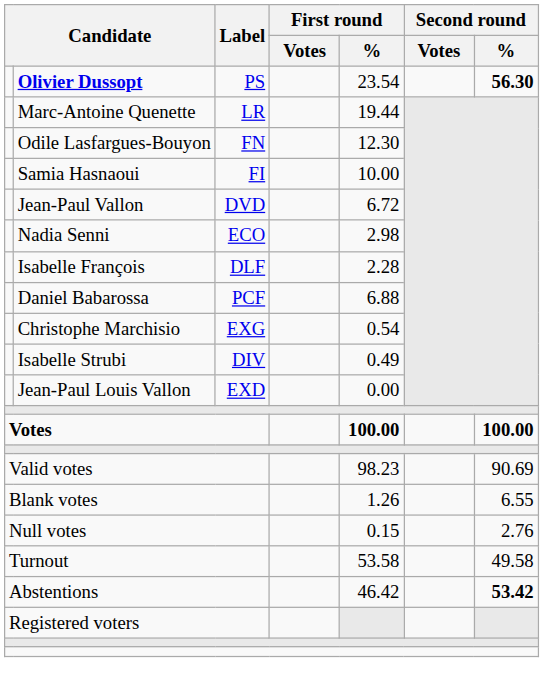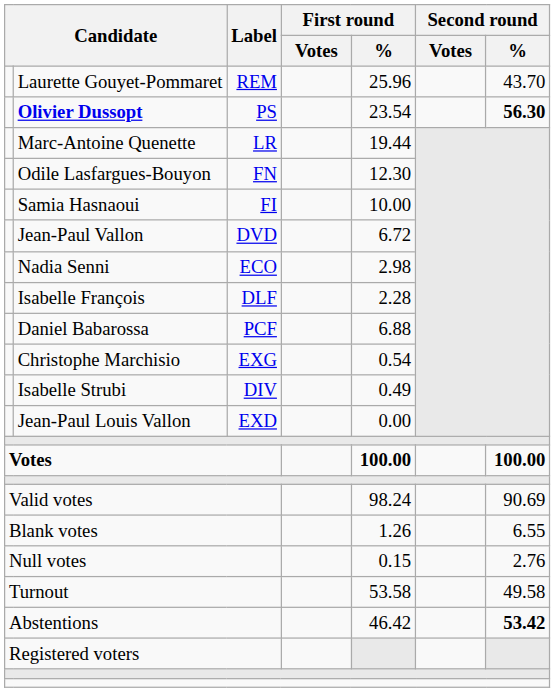 <table class="wikitable" style="text-align:right;font-size:95%;">
 <tr>
 <th rowspan="2" colspan="2">Candidate</th>
 <th rowspan="2">Label</th>
 <th colspan="2">First round</th>
 <th colspan="2">Second round</th>
 </tr>
 <tr>
 <th style="width:50px;">Votes</th>
 <th style="width:45px;">%</th>
 <th style="width:50px;">Votes</th>
 <th style="width:45px;">%</th>
+</tr>
+<tr>
+<td style="color:inherit;background:"></td>
+<td style="text-align:left;">Laurette Gouyet-Pommaret</td>
+<td><a href='#'>REM</a></td>
+<td></td>
+<td>25.96</td>
+<td></td>
+<td>43.70</td>
 </tr>
 <tr>
 <td style="color:inherit;background:"></td>
 <td style="text-align:left;"><strong><a href='#'>Olivier Dussopt</a></strong></td>
 <td><a href='#'>PS</a></td>
 <td></td>
 <td>23.54</td>
 <td><strong></strong></td>
 <td><strong>56.30</strong></td>
 </tr>
 <tr>
 <td style="color:inherit;background:"></td>
 <td style="text-align:left;">Marc-Antoine Quenette</td>
 <td><a href='#'>LR</a></td>
 <td></td>
 <td>19.44</td>
 <td colspan="2" rowspan="10" style="background:#E9E9E9;"></td>
 </tr>
 <tr>
 <td style="color:inherit;background:"></td>
 <td style="text-align:left;">Odile Lasfargues-Bouyon</td>
 <td><a href='#'>FN</a></td>
 <td></td>
 <td>12.30</td>
 </tr>
 <tr>
 <td style="color:inherit;background:"></td>
 <td style="text-align:left;">Samia Hasnaoui</td>
 <td><a href='#'>FI</a></td>
 <td></td>
 <td>10.00</td>
 </tr>
 <tr>
 <td style="color:inherit;background:"></td>
 <td style="text-align:left;">Jean-Paul Vallon</td>
 <td><a href='#'>DVD</a></td>
 <td></td>
 <td>6.72</td>
 </tr>
 <tr>
 <td style="color:inherit;background:"></td>
 <td style="text-align:left;">Nadia Senni</td>
 <td><a href='#'>ECO</a></td>
 <td></td>
 <td>2.98</td>
 </tr>
 <tr>
 <td style="color:inherit;background:"></td>
 <td style="text-align:left;">Isabelle François</td>
 <td><a href='#'>DLF</a></td>
 <td></td>
 <td>2.28</td>
 </tr>
 <tr>
 <td style="color:inherit;background:"></td>
 <td style="text-align:left;">Daniel Babarossa</td>
 <td><a href='#'>PCF</a></td>
 <td></td>
 <td>6.88</td>
 </tr>
 <tr>
 <td style="color:inherit;background:"></td>
 <td style="text-align:left;">Christophe Marchisio</td>
 <td><a href='#'>EXG</a></td>
 <td></td>
 <td>0.54</td>
 </tr>
 <tr>
 <td style="color:inherit;background:"></td>
 <td style="text-align:left;">Isabelle Strubi</td>
 <td><a href='#'>DIV</a></td>
 <td></td>
 <td>0.49</td>
 </tr>
 <tr>
 <td style="color:inherit;background:"></td>
 <td style="text-align:left;">Jean-Paul Louis Vallon</td>
 <td><a href='#'>EXD</a></td>
 <td></td>
 <td>0.00</td>
 </tr>
 <tr>
 <td colspan="7" style="background:#E9E9E9;"></td>
 </tr>
 <tr style="font-weight:bold;">
 <td colspan="3" style="text-align:left;">Votes</td>
 <td></td>
 <td>100.00</td>
 <td></td>
 <td>100.00</td>
 </tr>
 <tr>
 <td colspan="7" style="background:#E9E9E9;"></td>
 </tr>
 <tr>
 <td colspan="3" style="text-align:left;">Valid votes</td>
 <td></td>
-<td>98.23</td>
+<td>98.24</td>
 <td></td>
 <td>90.69</td>
 </tr>
 <tr>
 <td colspan="3" style="text-align:left;">Blank votes</td>
 <td></td>
 <td>1.26</td>
 <td></td>
 <td>6.55</td>
 </tr>
 <tr>
 <td colspan="3" style="text-align:left;">Null votes</td>
 <td></td>
 <td>0.15</td>
 <td></td>
 <td>2.76</td>
 </tr>
 <tr>
 <td colspan="3" style="text-align:left;">Turnout</td>
 <td></td>
 <td>53.58</td>
 <td></td>
 <td>49.58</td>
 </tr>
 <tr>
 <td colspan="3" style="text-align:left;">Abstentions</td>
 <td></td>
 <td>46.42</td>
 <td></td>
 <td><strong>53.42</strong></td>
 </tr>
 <tr>
 <td colspan="3" style="text-align:left;">Registered voters</td>
 <td></td>
 <td style="color:inherit;background:#E9E9E9;"></td>
 <td></td>
 <td style="color:inherit;background:#E9E9E9;"></td>
 </tr>
 <tr>
 <td colspan="7" style="background:#E9E9E9;"></td>
 </tr>
 <tr>
 <td colspan="7" style="text-align:left;"></td>
 </tr>
 </table>
